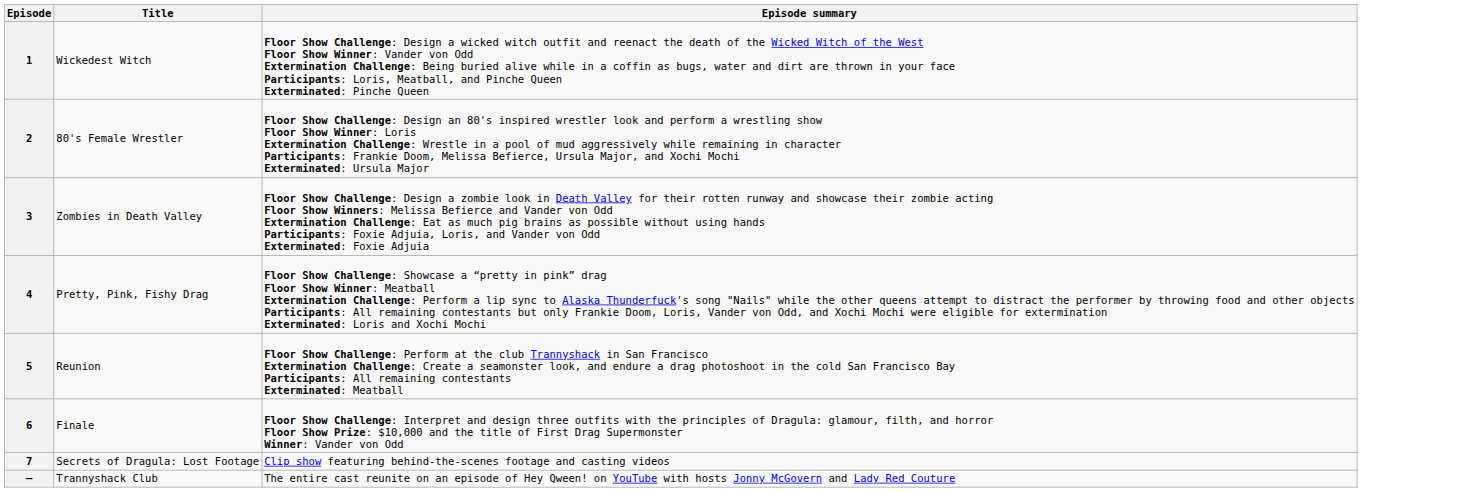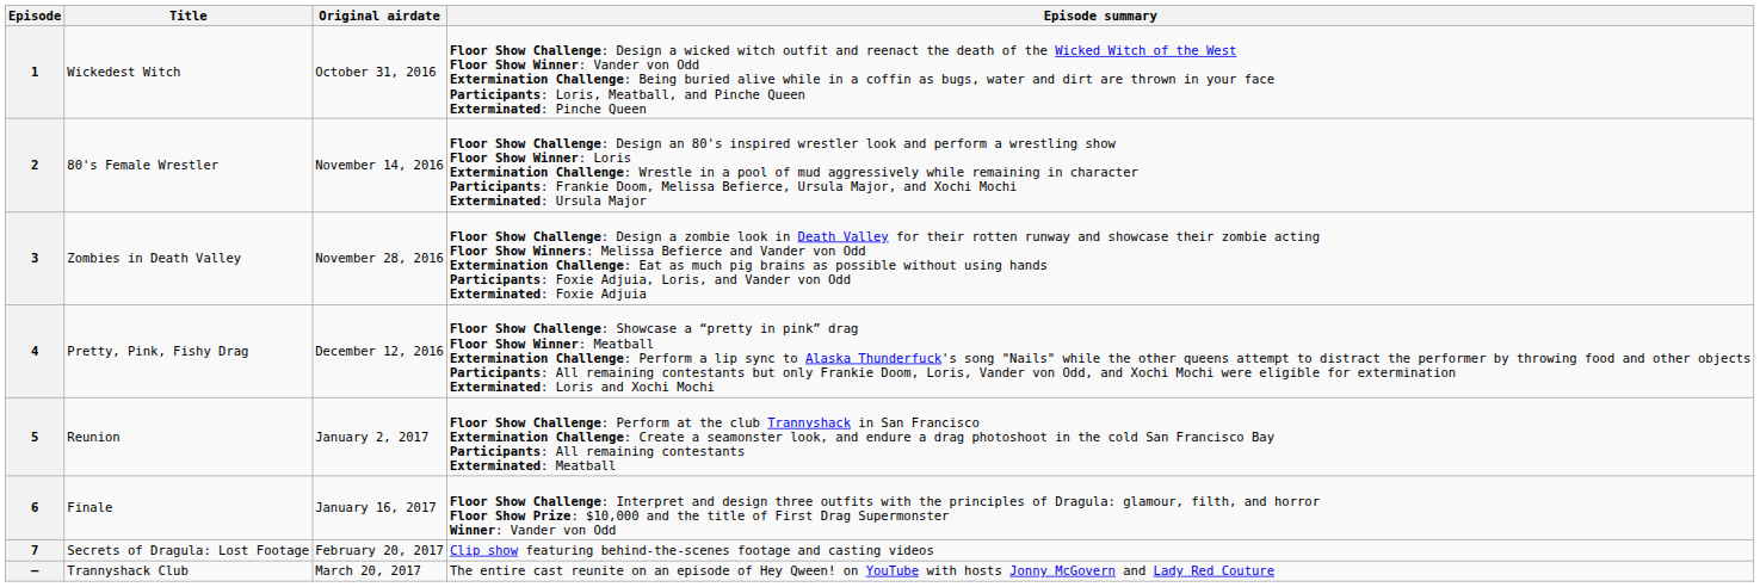 <table class="wikitable">
 <tr>
 <th nowrap>Episode</th>
 <th nowrap>Title</th>
+<th nowrap>Original airdate</th>
 <th nowrap>Episode summary</th>
 </tr>
 <tr>
 <th>1</th>
 <td>Wickedest Witch</td>
+<td>October 31, 2016</td>
 <td><br><strong>Floor Show Challenge</strong>: Design a wicked witch outfit and reenact the death of the <a href='#'>Wicked Witch of the West</a><br> <span><strong>Floor Show Winner</strong>: Vander von Odd</span><br><strong>Extermination Challenge</strong>: Being buried alive while in a coffin as bugs, water and dirt are thrown in your face<br> <strong>Participants</strong>: Loris, Meatball, and Pinche Queen<br> <span><strong>Exterminated</strong>: Pinche Queen</span></td>
 </tr>
 <tr>
 <th>2</th>
 <td>80's Female Wrestler</td>
+<td>November 14, 2016</td>
 <td><br><strong>Floor Show Challenge</strong>: Design an 80's inspired wrestler look and perform a wrestling show<br> <span><strong>Floor Show Winner</strong>: Loris</span><br><strong>Extermination Challenge</strong>: Wrestle in a pool of mud aggressively while remaining in character<br> <strong>Participants</strong>: Frankie Doom, Melissa Befierce, Ursula Major, and Xochi Mochi<br> <span><strong>Exterminated</strong>: Ursula Major</span></td>
 </tr>
 <tr>
 <th>3</th>
 <td>Zombies in Death Valley</td>
+<td>November 28, 2016</td>
 <td><br><strong>Floor Show Challenge</strong>: Design a zombie look in <a href='#'>Death Valley</a> for their rotten runway and showcase their zombie acting<br> <span><strong>Floor Show Winners</strong>: Melissa Befierce and Vander von Odd</span><br><strong>Extermination Challenge</strong>: Eat as much pig brains as possible without using hands<br> <strong>Participants</strong>: Foxie Adjuia, Loris, and Vander von Odd<br> <span><strong>Exterminated</strong>: Foxie Adjuia</span></td>
 </tr>
 <tr>
 <th>4</th>
 <td>Pretty, Pink, Fishy Drag</td>
+<td>December 12, 2016</td>
 <td><br><strong>Floor Show Challenge</strong>: Showcase a “pretty in pink” drag<br> <span><strong>Floor Show Winner</strong>: Meatball</span><br><strong>Extermination Challenge</strong>: Perform a lip sync to <a href='#'>Alaska Thunderfuck</a>'s song "Nails" while the other queens attempt to distract the performer by throwing food and other objects<br> <strong>Participants</strong>: All remaining contestants but only Frankie Doom, Loris, Vander von Odd, and Xochi Mochi were eligible for extermination<br> <span><strong>Exterminated</strong>: Loris and Xochi Mochi</span></td>
 </tr>
 <tr>
 <th>5</th>
 <td>Reunion</td>
+<td>January 2, 2017</td>
 <td><br><strong>Floor Show Challenge</strong>: Perform at the club <a href='#'>Trannyshack</a> in San Francisco<br><strong>Extermination Challenge</strong>: Create a seamonster look, and endure a drag photoshoot in the cold San Francisco Bay<br> <strong>Participants</strong>: All remaining contestants<br> <span><strong>Exterminated</strong>: Meatball</span></td>
 </tr>
 <tr>
 <th>6</th>
 <td>Finale</td>
+<td>January 16, 2017</td>
 <td><br><strong>Floor Show Challenge</strong>: Interpret and design three outfits with the principles of Dragula: glamour, filth, and horror<br> <strong>Floor Show Prize</strong>: $10,000 and the title of First Drag Supermonster<br> <span><strong>Winner</strong>: Vander von Odd</span></td>
 </tr>
 <tr>
 <th>7</th>
 <td>Secrets of Dragula: Lost Footage</td>
+<td>February 20, 2017</td>
 <td><a href='#'>Clip show</a> featuring behind-the-scenes footage and casting videos</td>
 </tr>
 <tr>
 <th>—</th>
 <td>Trannyshack Club</td>
+<td>March 20, 2017</td>
 <td>The entire cast reunite on an episode of Hey Qween! on <a href='#'>YouTube</a> with hosts <a href='#'>Jonny McGovern</a> and <a href='#'>Lady Red Couture</a></td>
 </tr>
 </table>
